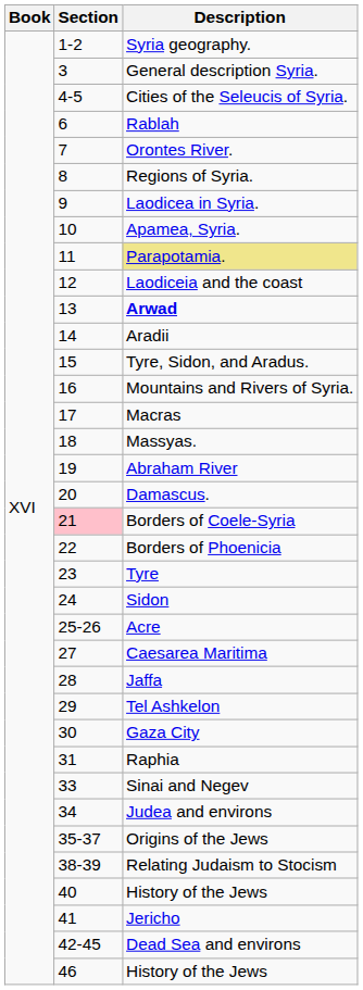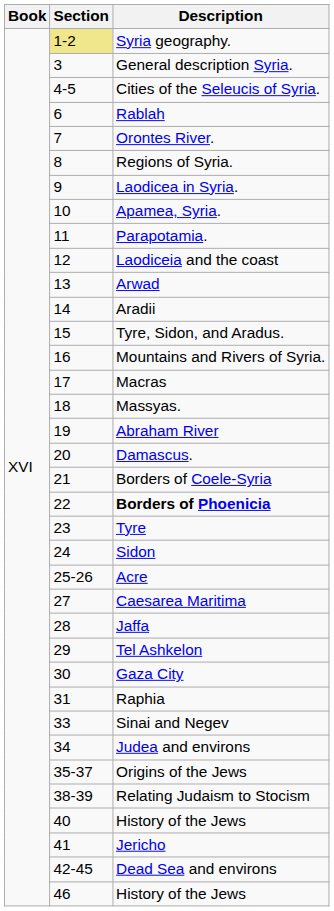 <table class="wikitable" style="max-width:45em;">
 <tr>
 <th>Book</th>
 <th>Section</th>
 <th>Description</th>
 </tr>
 <tr>
 <td rowspan="40">XVI</td>
-<td>1-2</td>
+<td style="background: khaki;">1-2</td>
 <td><a href='#'>Syria</a> geography.</td>
 </tr>
 <tr>
 <td>3</td>
 <td>General description <a href='#'>Syria</a>.</td>
 </tr>
 <tr>
 <td>4-5</td>
 <td>Cities of the <a href='#'>Seleucis of Syria</a>.</td>
 </tr>
 <tr>
 <td>6</td>
 <td><a href='#'>Rablah</a></td>
 </tr>
 <tr>
 <td>7</td>
 <td><a href='#'>Orontes River</a>.</td>
 </tr>
 <tr>
 <td>8</td>
 <td>Regions of Syria.</td>
 </tr>
 <tr>
 <td>9</td>
 <td><a href='#'>Laodicea in Syria</a>.</td>
 </tr>
 <tr>
 <td>10</td>
 <td><a href='#'>Apamea, Syria</a>.</td>
 </tr>
 <tr>
 <td>11</td>
-<td style="background: khaki;"><a href='#'>Parapotamia</a>.</td>
+<td><a href='#'>Parapotamia</a>.</td>
 </tr>
 <tr>
 <td>12</td>
 <td><a href='#'>Laodiceia</a> and the coast</td>
 </tr>
 <tr>
 <td>13</td>
-<td><strong><a href='#'>Arwad</a></strong></td>
+<td><a href='#'>Arwad</a></td>
 </tr>
 <tr>
 <td>14</td>
 <td>Aradii</td>
 </tr>
 <tr>
 <td>15</td>
 <td>Tyre, Sidon, and Aradus.</td>
 </tr>
 <tr>
 <td>16</td>
 <td>Mountains and Rivers of Syria.</td>
 </tr>
 <tr>
 <td>17</td>
 <td>Macras</td>
 </tr>
 <tr>
 <td>18</td>
 <td>Massyas.</td>
 </tr>
 <tr>
 <td>19</td>
 <td><a href='#'>Abraham River</a></td>
 </tr>
 <tr>
 <td>20</td>
 <td><a href='#'>Damascus</a>.</td>
 </tr>
 <tr>
-<td style="background: pink;">21</td>
+<td>21</td>
 <td>Borders of <a href='#'>Coele-Syria</a></td>
 </tr>
 <tr>
 <td>22</td>
-<td>Borders of <a href='#'>Phoenicia</a></td>
+<td><strong>Borders of <a href='#'>Phoenicia</a></strong></td>
 </tr>
 <tr>
 <td>23</td>
 <td><a href='#'>Tyre</a></td>
 </tr>
 <tr>
 <td>24</td>
 <td><a href='#'>Sidon</a></td>
 </tr>
 <tr>
 <td>25-26</td>
 <td><a href='#'>Acre</a></td>
 </tr>
 <tr>
 <td>27</td>
 <td><a href='#'>Caesarea Maritima</a></td>
 </tr>
 <tr>
 <td>28</td>
 <td><a href='#'>Jaffa</a></td>
 </tr>
 <tr>
 <td>29</td>
 <td><a href='#'>Tel Ashkelon</a></td>
 </tr>
 <tr>
 <td>30</td>
 <td><a href='#'>Gaza City</a></td>
 </tr>
 <tr>
 <td>31</td>
 <td>Raphia</td>
 </tr>
 <tr>
 <td>33</td>
 <td>Sinai and Negev</td>
 </tr>
 <tr>
 <td>34</td>
 <td><a href='#'>Judea</a> and environs</td>
 </tr>
 <tr>
 <td>35-37</td>
 <td>Origins of the Jews</td>
 </tr>
 <tr>
 <td>38-39</td>
 <td>Relating Judaism to Stocism</td>
 </tr>
 <tr>
 <td>40</td>
 <td>History of the Jews</td>
 </tr>
 <tr>
 <td>41</td>
 <td><a href='#'>Jericho</a></td>
 </tr>
 <tr>
 <td>42-45</td>
 <td><a href='#'>Dead Sea</a> and environs</td>
 </tr>
 <tr>
 <td>46</td>
 <td>History of the Jews</td>
 </tr>
 </table>
